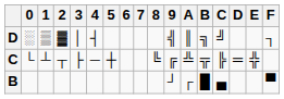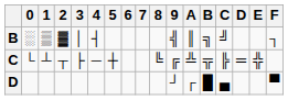 <table class="wikitable">
 <tr>
 <th></th>
 <th>0</th>
 <th>1</th>
 <th>2</th>
 <th>3</th>
 <th>4</th>
 <th>5</th>
 <th>6</th>
 <th>7</th>
 <th>8</th>
 <th>9</th>
 <th>A</th>
 <th>B</th>
 <th>C</th>
 <th>D</th>
 <th>E</th>
 <th>F</th>
 </tr>
 <tr>
-<th>D</th>
+<th>B</th>
 <td>░</td>
 <td>▒</td>
 <td>▓</td>
 <td>│</td>
 <td>┤</td>
 <td></td>
 <td></td>
 <td></td>
 <td></td>
 <td>╣</td>
 <td>║</td>
 <td>╗</td>
 <td>╝</td>
 <td></td>
 <td></td>
 <td>┐</td>
 </tr>
 <tr>
 <th>C</th>
 <td>└</td>
 <td>┴</td>
 <td>┬</td>
 <td>├</td>
 <td>─</td>
 <td>┼</td>
 <td></td>
 <td></td>
 <td>╚</td>
 <td>╔</td>
 <td>╩</td>
 <td>╦</td>
 <td>╠</td>
 <td>═</td>
 <td>╬</td>
 <td></td>
 </tr>
 <tr>
-<th>B</th>
+<th>D</th>
 <td></td>
 <td></td>
 <td></td>
 <td></td>
 <td></td>
 <td></td>
 <td></td>
 <td></td>
 <td></td>
 <td>┘</td>
 <td>┌</td>
 <td>█</td>
 <td>▄</td>
 <td></td>
 <td></td>
 <td>▀</td>
 </tr>
 </table>
